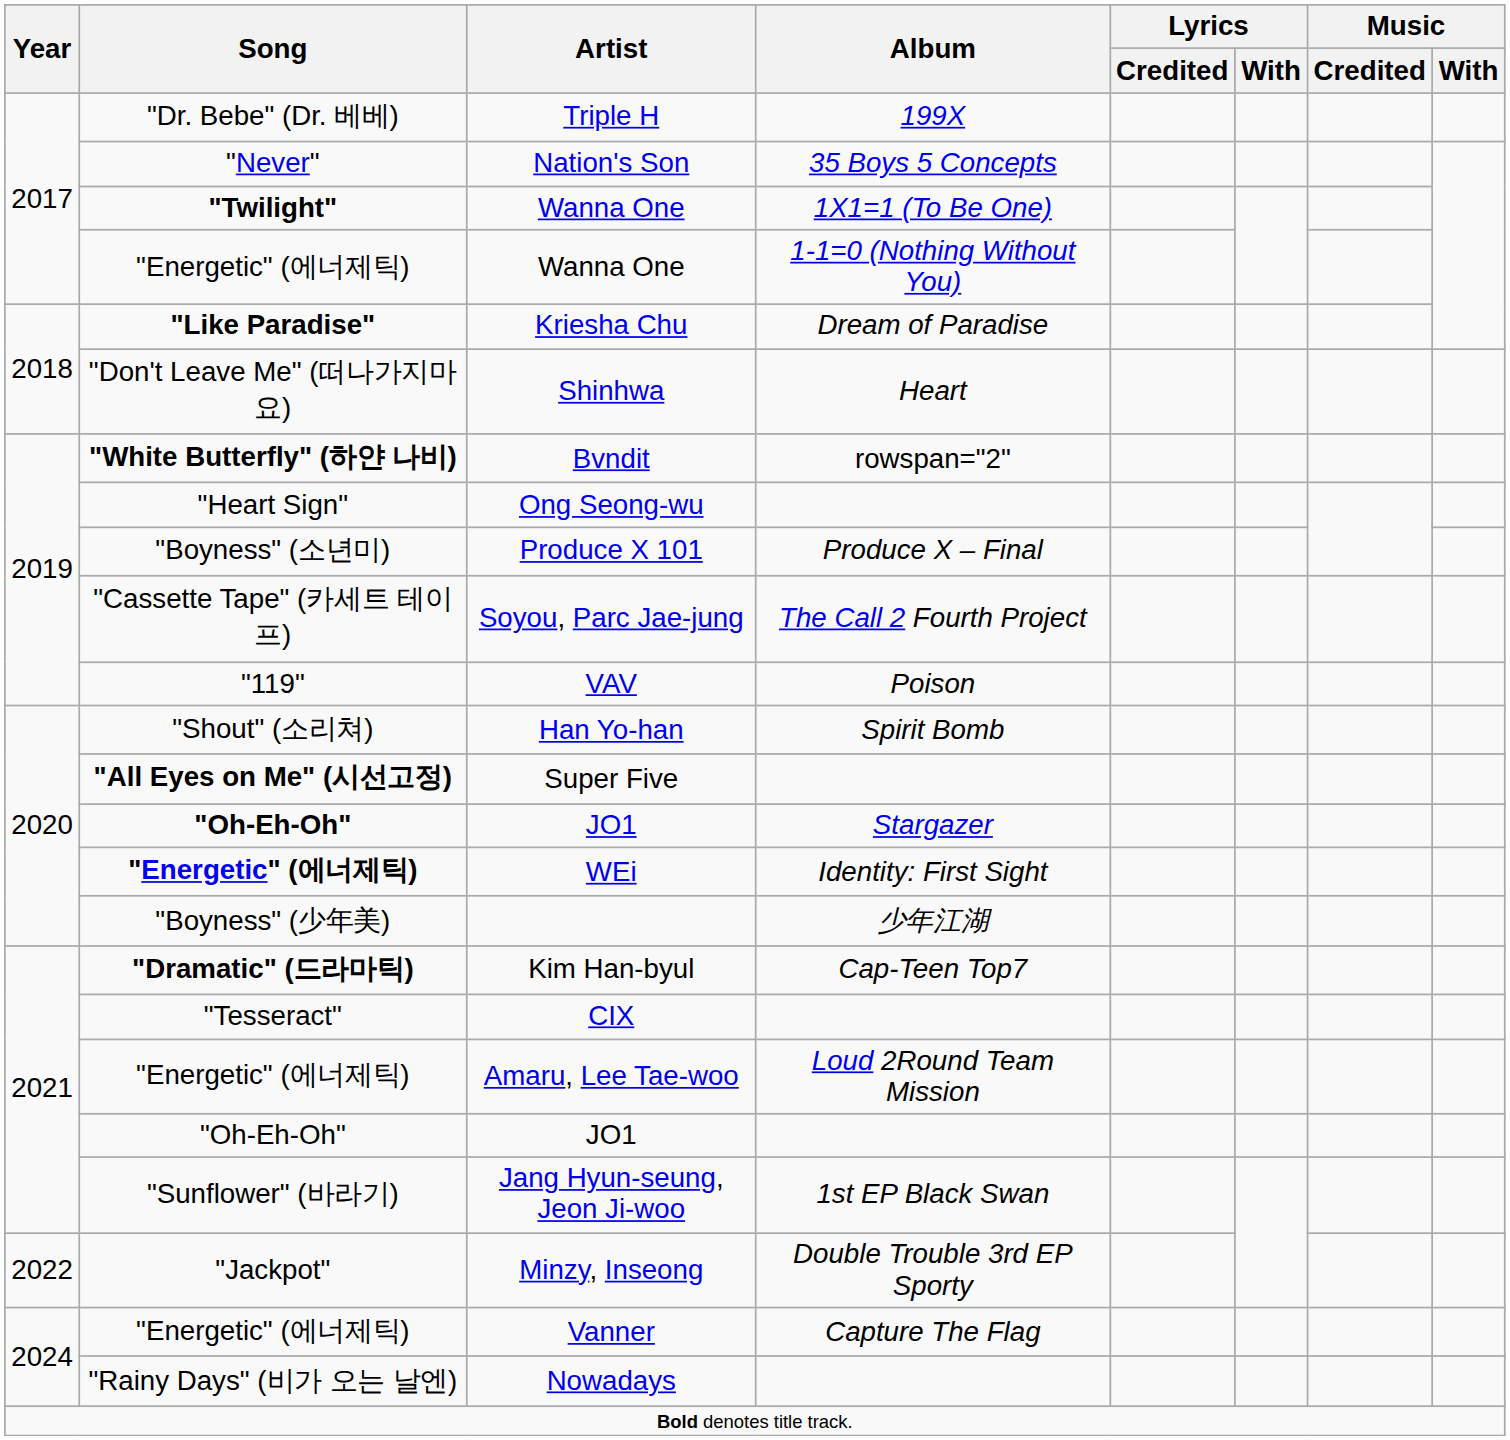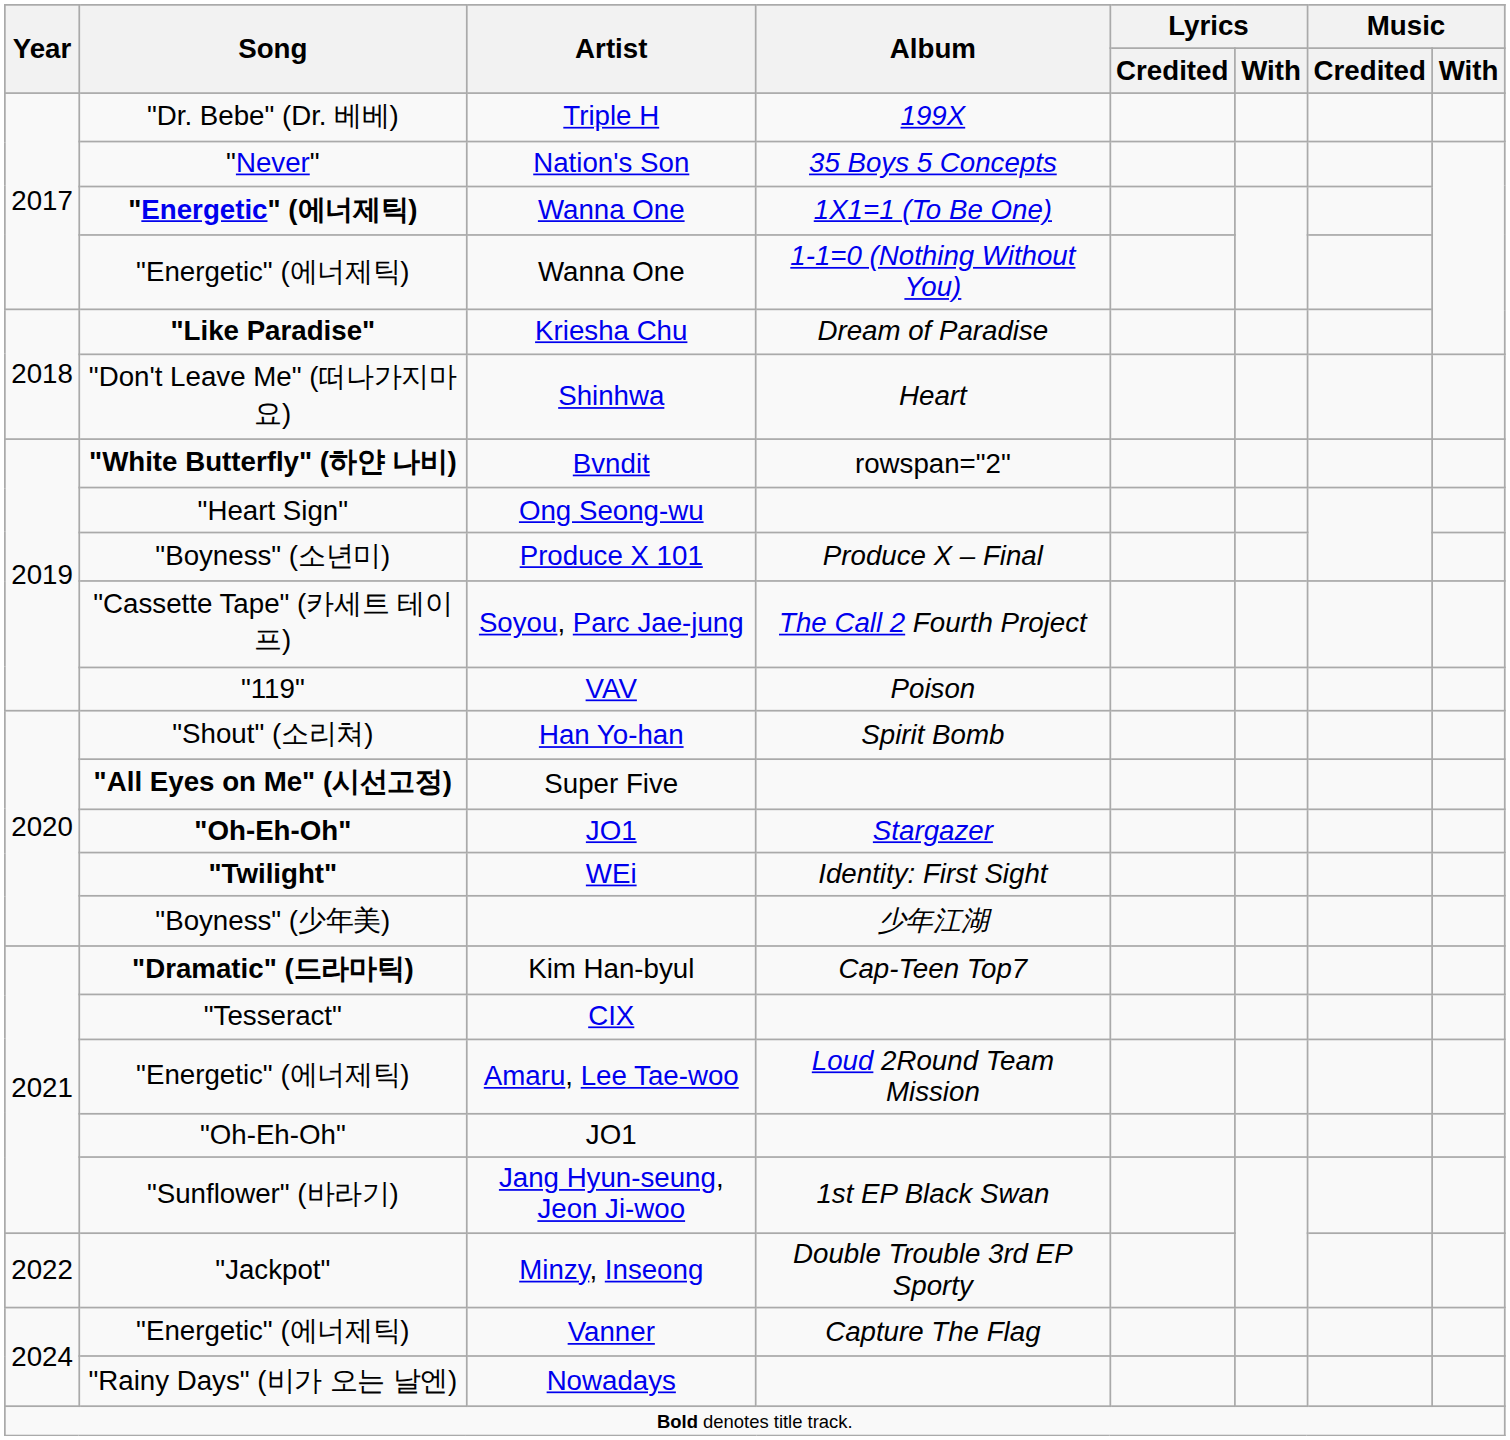 <table class="wikitable" style="text-align:center;">
 <tr>
 <th rowspan="2">Year</th>
 <th rowspan="2">Song</th>
 <th rowspan="2"  style="width:10em;">Artist</th>
 <th rowspan="2">Album</th>
 <th colspan="2">Lyrics</th>
 <th colspan="2">Music</th>
 </tr>
 <tr>
 <th>Credited</th>
 <th>With</th>
 <th>Credited</th>
 <th>With</th>
 </tr>
 <tr>
 <td rowspan="4">2017</td>
 <td>"Dr. Bebe" (Dr. 베베)</td>
 <td><a href='#'>Triple H</a></td>
 <td><em><a href='#'>199X</a></em></td>
 <td></td>
 <td></td>
 <td></td>
 <td></td>
 </tr>
 <tr>
 <td>"<a href='#'>Never</a>"</td>
 <td><a href='#'>Nation's Son</a></td>
 <td><em><a href='#'>35 Boys 5 Concepts</a></em></td>
 <td></td>
 <td></td>
 <td></td>
 <td rowspan="4"></td>
 </tr>
 <tr>
-<td><strong>"Twilight"</strong></td>
+<td><strong>"<a href='#'>Energetic</a>" (에너제틱)</strong></td>
 <td><a href='#'>Wanna One</a></td>
 <td><em><a href='#'>1X1=1 (To Be One)</a></em></td>
 <td></td>
 <td rowspan="2"></td>
 <td></td>
 </tr>
 <tr>
 <td>"Energetic" (에너제틱) </td>
 <td>Wanna One</td>
 <td><em><a href='#'>1-1=0 (Nothing Without You)</a></em></td>
 <td></td>
 <td></td>
 </tr>
 <tr>
 <td rowspan="2">2018</td>
 <td><strong>"Like Paradise" </strong></td>
 <td><a href='#'>Kriesha Chu</a></td>
 <td><em>Dream of Paradise</em></td>
 <td></td>
 <td></td>
 <td></td>
 </tr>
 <tr>
 <td>"Don't Leave Me" (떠나가지마요)</td>
 <td><a href='#'>Shinhwa</a></td>
 <td><em>Heart</em></td>
 <td></td>
 <td></td>
 <td></td>
 <td></td>
 </tr>
 <tr>
 <td rowspan="5">2019</td>
 <td><strong>"White Butterfly" (하얀 나비)</strong></td>
 <td><a href='#'>Bvndit</a></td>
 <td>rowspan="2" </td>
 <td></td>
 <td></td>
 <td></td>
 <td></td>
 </tr>
 <tr>
 <td>"Heart Sign"</td>
 <td><a href='#'>Ong Seong-wu</a></td>
 <td></td>
 <td></td>
 <td></td>
 <td rowspan="2"></td>
 </tr>
 <tr>
 <td>"Boyness" (소년미)</td>
 <td><a href='#'>Produce X 101</a></td>
 <td><em>Produce X – Final</em></td>
 <td></td>
 <td></td>
 <td></td>
 </tr>
 <tr>
 <td>"Cassette Tape" (카세트 테이프)</td>
 <td><a href='#'>Soyou</a>, <a href='#'>Parc Jae-jung</a></td>
 <td><em><a href='#'>The Call 2</a> Fourth Project</em></td>
 <td></td>
 <td></td>
 <td></td>
 <td></td>
 </tr>
 <tr>
 <td>"119"</td>
 <td><a href='#'>VAV</a></td>
 <td><em>Poison</em></td>
 <td></td>
 <td></td>
 <td></td>
 <td></td>
 </tr>
 <tr>
 <td rowspan="5">2020</td>
 <td>"Shout" (소리쳐) </td>
 <td><a href='#'>Han Yo-han</a></td>
 <td><em>Spirit Bomb</em></td>
 <td></td>
 <td></td>
 <td></td>
 <td></td>
 </tr>
 <tr>
 <td><strong>"All Eyes on Me" (시선고정)</strong></td>
 <td>Super Five</td>
 <td></td>
 <td></td>
 <td></td>
 <td></td>
 <td></td>
 </tr>
 <tr>
 <td><strong>"Oh-Eh-Oh"</strong></td>
 <td><a href='#'>JO1</a></td>
 <td><em><a href='#'>Stargazer</a></em></td>
 <td></td>
 <td></td>
 <td></td>
 <td></td>
 </tr>
 <tr>
-<td><strong>"<a href='#'>Energetic</a>" (에너제틱)</strong></td>
+<td><strong>"Twilight"</strong></td>
 <td><a href='#'>WEi</a></td>
 <td><em>Identity: First Sight</em></td>
 <td></td>
 <td></td>
 <td></td>
 <td></td>
 </tr>
 <tr>
 <td>"Boyness" (少年美)</td>
 <td></td>
 <td><em>少年江湖</em></td>
 <td></td>
 <td></td>
 <td></td>
 <td></td>
 </tr>
 <tr>
 <td rowspan="5">2021</td>
 <td><strong>"Dramatic" (드라마틱)</strong></td>
 <td>Kim Han-byul</td>
 <td><em>Cap-Teen Top7</em></td>
 <td></td>
 <td></td>
 <td></td>
 <td></td>
 </tr>
 <tr>
 <td>"Tesseract" </td>
 <td><a href='#'>CIX</a></td>
 <td></td>
 <td></td>
 <td></td>
 <td></td>
 <td></td>
 </tr>
 <tr>
 <td>"Energetic" (에너제틱)</td>
 <td><a href='#'>Amaru</a>, <a href='#'>Lee Tae-woo</a></td>
 <td><em><a href='#'>Loud</a> 2Round Team Mission</em></td>
 <td></td>
 <td></td>
 <td></td>
 <td></td>
 </tr>
 <tr>
 <td>"Oh-Eh-Oh" </td>
 <td>JO1</td>
 <td></td>
 <td></td>
 <td></td>
 <td></td>
 <td></td>
 </tr>
 <tr>
 <td>"Sunflower" (바라기)</td>
 <td><a href='#'>Jang Hyun-seung</a>, <a href='#'>Jeon Ji-woo</a></td>
 <td><em></em> <em>1st EP Black Swan</em></td>
 <td></td>
 <td rowspan="2"></td>
 <td></td>
 <td></td>
 </tr>
 <tr>
 <td>2022</td>
 <td>"Jackpot"</td>
 <td><a href='#'>Minzy</a>, <a href='#'>Inseong</a></td>
 <td><em>Double Trouble 3rd EP Sporty</em></td>
 <td></td>
 <td></td>
 <td></td>
 </tr>
 <tr>
 <td rowspan="2">2024</td>
 <td>"Energetic" (에너제틱)</td>
 <td><a href='#'>Vanner</a></td>
 <td><em>Capture The Flag</em></td>
 <td></td>
 <td></td>
 <td></td>
 <td></td>
 </tr>
 <tr>
 <td>"Rainy Days" (비가 오는 날엔) </td>
 <td><a href='#'>Nowadays</a></td>
 <td></td>
 <td></td>
 <td></td>
 <td></td>
 <td></td>
 </tr>
 <tr>
 <td colspan="8" style="text-align:center; font-size:8pt;"><strong>Bold</strong> denotes title track.</td>
 </tr>
 </table>
